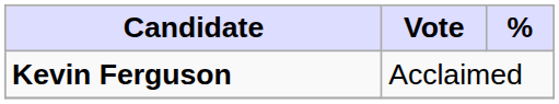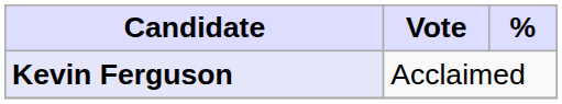 <table class="wikitable">
 <tr>
 <th style="background:#ddf; width:200px;">Candidate</th>
 <th style="background:#ddf; width:50px;">Vote</th>
 <th style="background:#ddf; width:30px;">%</th>
 </tr>
 <tr>
-<td><strong>Kevin Ferguson</strong></td>
+<td style="background: lavender;"><strong>Kevin Ferguson</strong></td>
 <td colspan="2">Acclaimed</td>
 </tr>
 <tr>
 </tr>
 </table>
